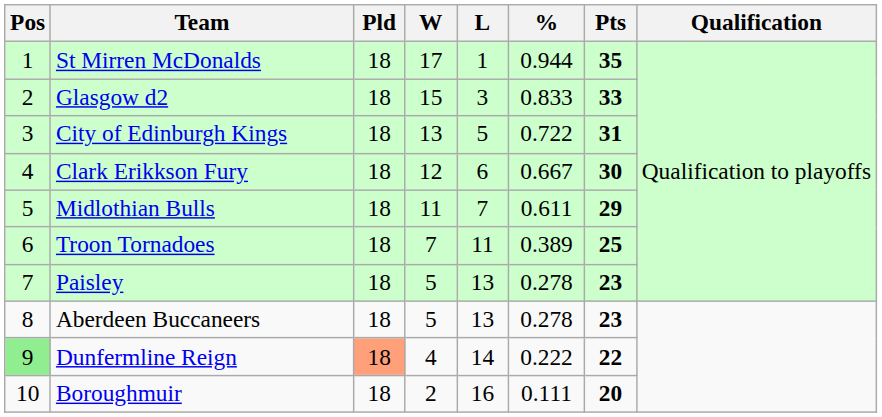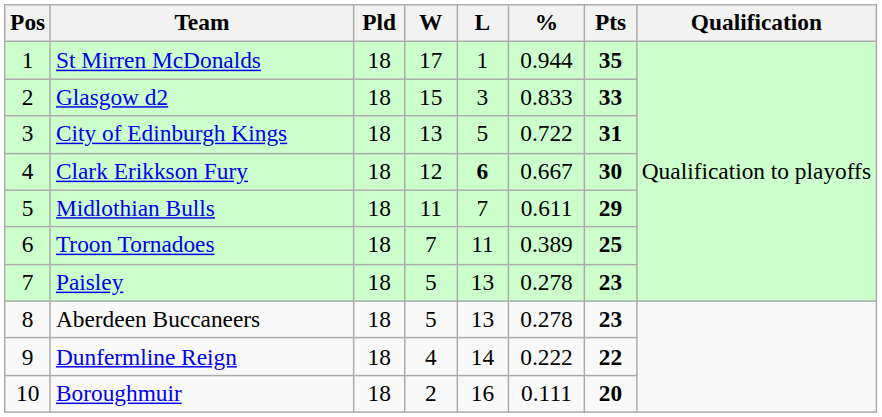 <table class="wikitable" style="text-align: center;">
 <tr>
 <th>Pos</th>
 <th scope="col" style="width: 200px;">Team</th>
 <th scope="col" style="width: 28px;">Pld</th>
 <th scope="col" style="width: 28px;">W</th>
 <th scope="col" style="width: 28px;">L</th>
 <th scope="col" style="width: 45px;">%</th>
 <th scope="col" style="width: 28px;">Pts</th>
 <th>Qualification</th>
 </tr>
 <tr style="background: #ccffcc;">
 <td>1</td>
 <td style="text-align:left;"><a href='#'>St Mirren McDonalds</a></td>
 <td>18</td>
 <td>17</td>
 <td>1</td>
 <td>0.944</td>
 <td><strong>35</strong></td>
 <td rowspan=7>Qualification to playoffs</td>
 </tr>
 <tr style="background: #ccffcc;">
 <td>2</td>
 <td style="text-align:left;"><a href='#'>Glasgow d2</a></td>
 <td>18</td>
 <td>15</td>
 <td>3</td>
 <td>0.833</td>
 <td><strong>33</strong></td>
 </tr>
 <tr style="background: #ccffcc;">
 <td>3</td>
 <td style="text-align:left;"><a href='#'>City of Edinburgh Kings</a></td>
 <td>18</td>
 <td>13</td>
 <td>5</td>
 <td>0.722</td>
 <td><strong>31</strong></td>
 </tr>
 <tr style="background: #ccffcc;">
 <td>4</td>
 <td style="text-align:left;"><a href='#'>Clark Erikkson Fury</a></td>
 <td>18</td>
 <td>12</td>
-<td>6</td>
+<td><strong>6</strong></td>
 <td>0.667</td>
 <td><strong>30</strong></td>
 </tr>
 <tr style="background: #ccffcc;">
 <td>5</td>
 <td style="text-align:left;"><a href='#'>Midlothian Bulls</a></td>
 <td>18</td>
 <td>11</td>
 <td>7</td>
 <td>0.611</td>
 <td><strong>29</strong></td>
 </tr>
 <tr style="background: #ccffcc;">
 <td>6</td>
 <td style="text-align:left;"><a href='#'>Troon Tornadoes</a></td>
 <td>18</td>
 <td>7</td>
 <td>11</td>
 <td>0.389</td>
 <td><strong>25</strong></td>
 </tr>
 <tr style="background: #ccffcc;">
 <td>7</td>
 <td style="text-align:left;"><a href='#'>Paisley</a></td>
 <td>18</td>
 <td>5</td>
 <td>13</td>
 <td>0.278</td>
 <td><strong>23</strong></td>
 </tr>
 <tr style="background: ;">
 <td>8</td>
 <td style="text-align:left;">Aberdeen Buccaneers</td>
 <td>18</td>
 <td>5</td>
 <td>13</td>
 <td>0.278</td>
 <td><strong>23</strong></td>
 </tr>
 <tr>
-<td style="background: lightgreen;">9</td>
+<td>9</td>
 <td style="text-align:left;"><a href='#'>Dunfermline Reign</a></td>
-<td style="background: lightsalmon;">18</td>
+<td>18</td>
 <td>4</td>
 <td>14</td>
 <td>0.222</td>
 <td><strong>22</strong></td>
 </tr>
 <tr>
 <td>10</td>
 <td style="text-align:left;"><a href='#'>Boroughmuir</a></td>
 <td>18</td>
 <td>2</td>
 <td>16</td>
 <td>0.111</td>
 <td><strong>20</strong></td>
 </tr>
 </table>
